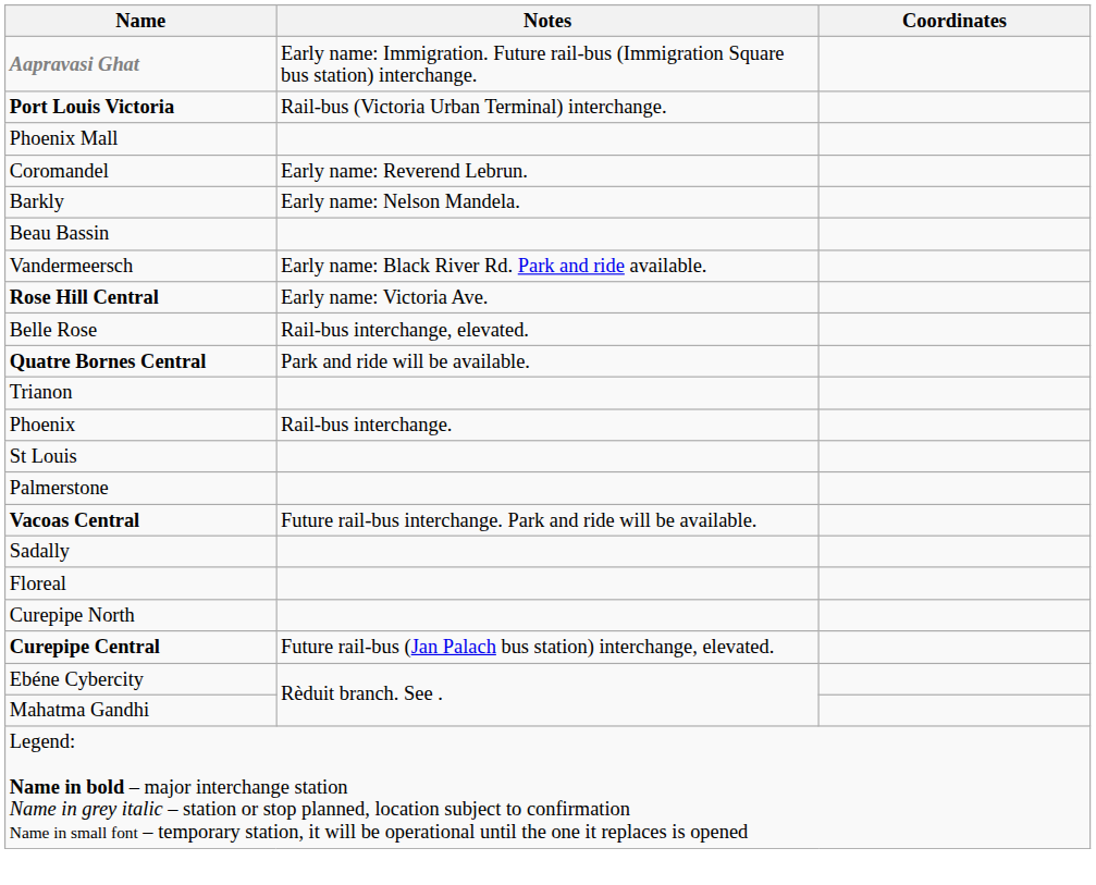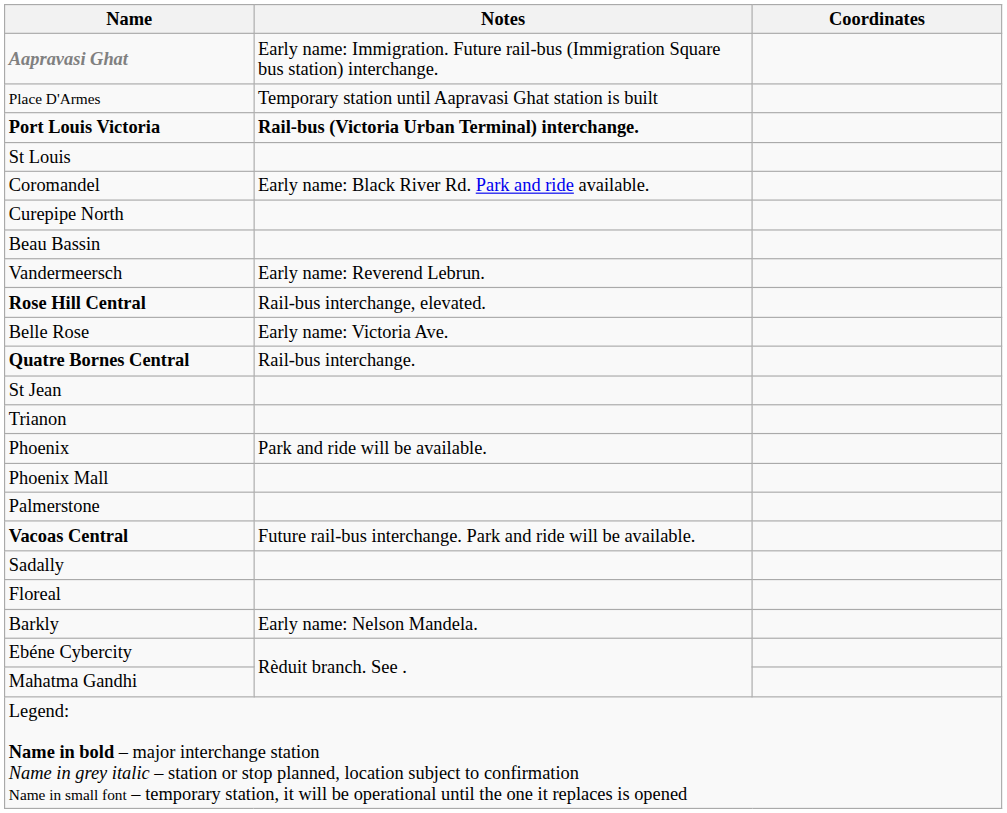 <table class="wikitable sortable">
 <tr>
 <th scope="col" style="width: 25%">Name</th>
 <th scope="col" style="width: 50%">Notes</th>
 <th scope="col" style="width: 25%">Coordinates</th>
 </tr>
 <tr>
 <td style="color: gray"><strong><em>Aapravasi Ghat</em></strong></td>
 <td>Early name: Immigration. Future rail-bus (Immigration Square bus station) interchange.</td>
 <td></td>
 </tr>
 <tr>
-<td><strong>Port Louis Victoria</strong></td>
-<td>Rail-bus (Victoria Urban Terminal) interchange.</td>
+<td><small>Place D'Armes</small></td>
+<td>Temporary station until Aapravasi Ghat station is built</td>
 <td></td>
 </tr>
 <tr>
-<td>Phoenix Mall</td>
+<td><strong>Port Louis Victoria</strong></td>
+<td><strong>Rail-bus (Victoria Urban Terminal) interchange.</strong></td>
+<td></td>
+</tr>
+<tr>
+<td>St Louis</td>
 <td></td>
 <td></td>
 </tr>
 <tr>
 <td>Coromandel</td>
-<td>Early name: Reverend Lebrun.</td>
+<td>Early name: Black River Rd. <a href='#'>Park and ride</a> available.</td>
 <td></td>
 </tr>
 <tr>
-<td>Barkly</td>
-<td>Early name: Nelson Mandela.</td>
+<td>Curepipe North</td>
+<td></td>
 <td></td>
 </tr>
 <tr>
 <td>Beau Bassin</td>
 <td></td>
 <td></td>
 </tr>
 <tr>
 <td>Vandermeersch</td>
-<td>Early name: Black River Rd. <a href='#'>Park and ride</a> available.</td>
+<td>Early name: Reverend Lebrun.</td>
 <td></td>
 </tr>
 <tr>
 <td><strong>Rose Hill Central</strong></td>
+<td>Rail-bus interchange, elevated.</td>
+<td></td>
+</tr>
+<tr>
+<td>Belle Rose</td>
 <td>Early name: Victoria Ave.</td>
 <td></td>
 </tr>
 <tr>
-<td>Belle Rose</td>
-<td>Rail-bus interchange, elevated.</td>
+<td><strong>Quatre Bornes Central</strong></td>
+<td>Rail-bus interchange.</td>
 <td></td>
 </tr>
 <tr>
-<td><strong>Quatre Bornes Central</strong></td>
-<td>Park and ride will be available.</td>
+<td>St Jean</td>
+<td></td>
 <td></td>
 </tr>
 <tr>
 <td>Trianon</td>
 <td></td>
 <td></td>
 </tr>
 <tr>
 <td>Phoenix</td>
-<td>Rail-bus interchange.</td>
+<td>Park and ride will be available.</td>
 <td></td>
 </tr>
 <tr>
-<td>St Louis</td>
+<td>Phoenix Mall</td>
 <td></td>
 <td></td>
 </tr>
 <tr>
 <td>Palmerstone</td>
 <td></td>
 <td></td>
 </tr>
 <tr>
 <td><strong>Vacoas Central</strong></td>
 <td>Future rail-bus interchange. Park and ride will be available.</td>
 <td></td>
 </tr>
 <tr>
 <td>Sadally</td>
 <td></td>
 <td></td>
 </tr>
 <tr>
 <td>Floreal</td>
 <td></td>
 <td></td>
 </tr>
 <tr>
-<td>Curepipe North</td>
-<td></td>
-<td></td>
-</tr>
-<tr>
-<td><strong>Curepipe Central</strong></td>
-<td>Future rail-bus (<a href='#'>Jan Palach</a> bus station) interchange, elevated.</td>
+<td>Barkly</td>
+<td>Early name: Nelson Mandela.</td>
 <td></td>
 </tr>
 <tr>
 <td>Ebéne Cybercity</td>
 <td rowspan="2">Rèduit branch. See .</td>
 <td></td>
 </tr>
 <tr>
 <td>Mahatma Gandhi</td>
 <td></td>
 </tr>
 <tr>
 <td colspan="3">Legend:<br><br><strong>Name in bold</strong> – major interchange station<br> <em><span>Name in grey italic</span></em> – station or stop planned, location subject to confirmation<br> <small>Name in small font</small> – temporary station, it will be operational until the one it replaces is opened</td>
 </tr>
 </table>
